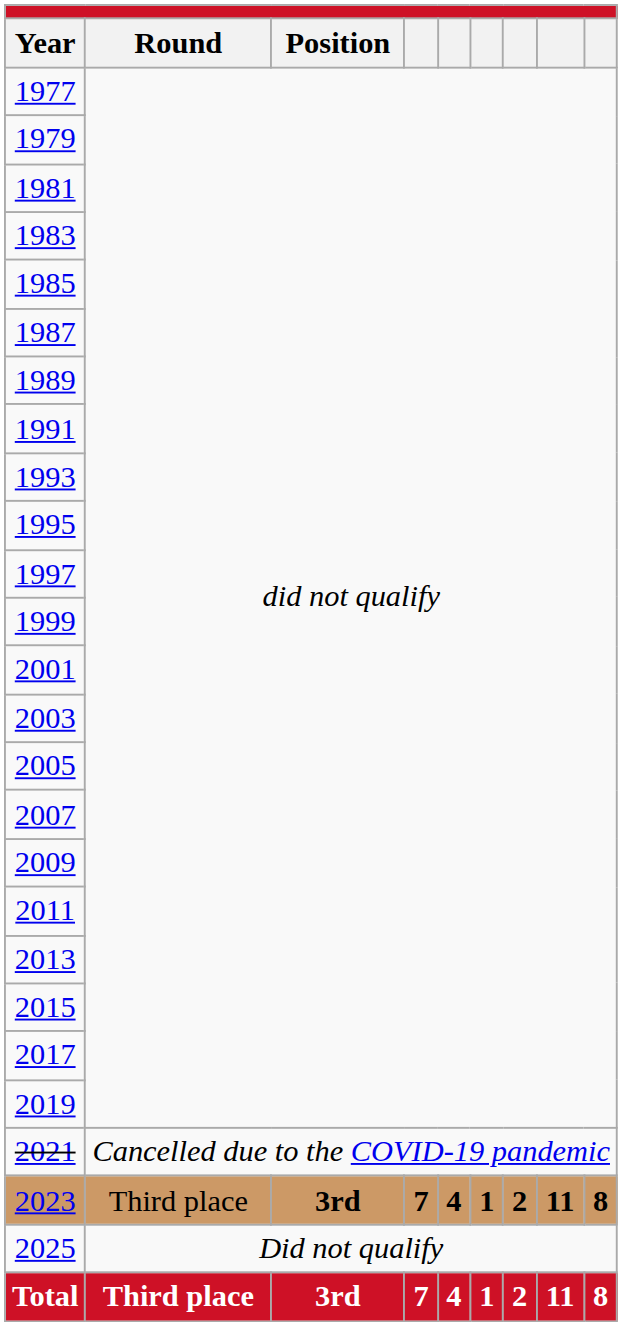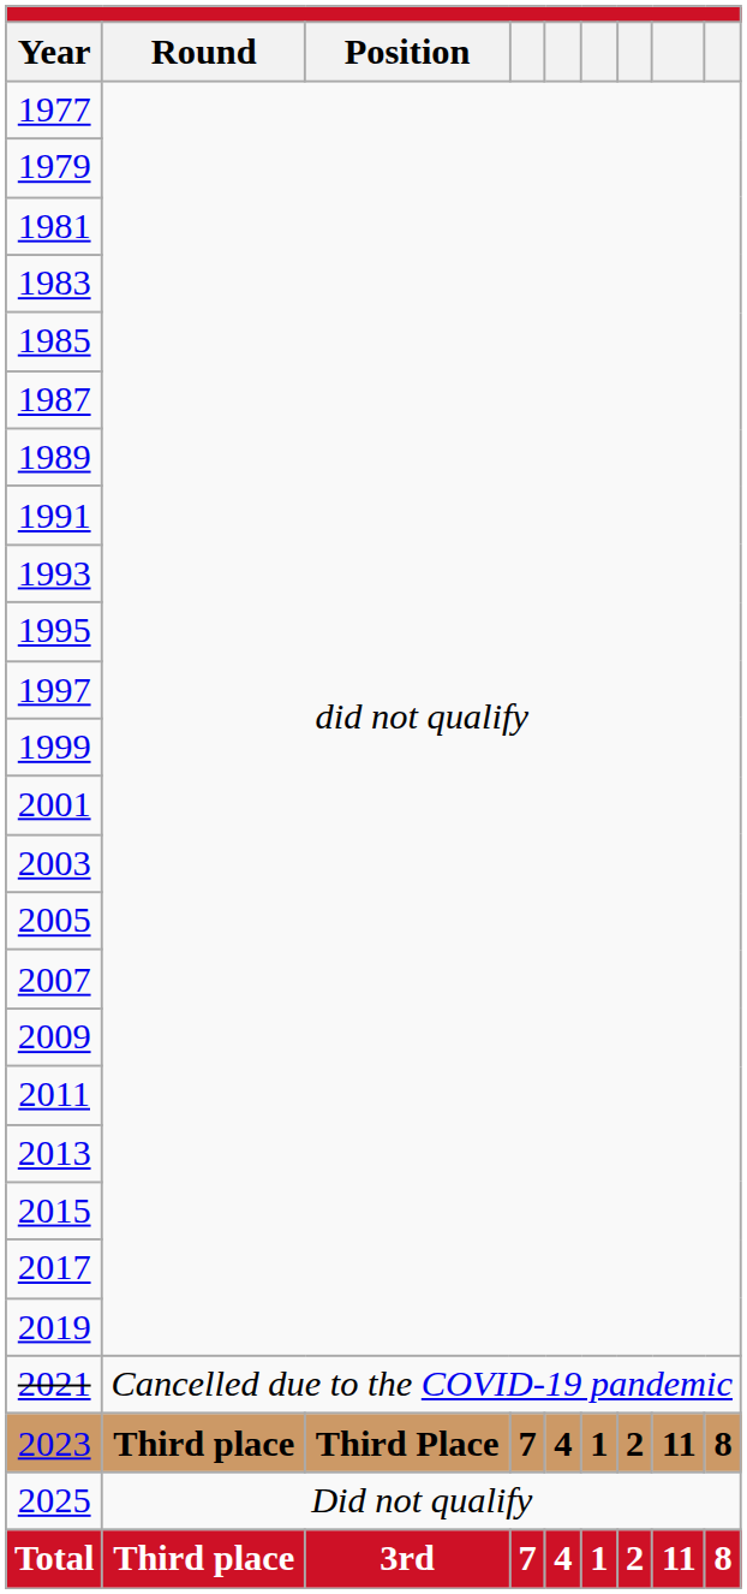 <table class="wikitable" style="text-align: center;">
 <tr>
 <th colspan=9 style="background: #CE1126; color: #FFFFFF;"><a href='#'></a></th>
 </tr>
 <tr>
 <th>Year</th>
 <th>Round</th>
 <th>Position</th>
 <th></th>
 <th></th>
 <th></th>
 <th></th>
 <th></th>
 <th></th>
 </tr>
 <tr>
 <td> <a href='#'>1977</a></td>
 <td colspan="8" rowspan="22"><em>did not qualify</em></td>
 </tr>
 <tr>
 <td> <a href='#'>1979</a></td>
 </tr>
 <tr>
 <td> <a href='#'>1981</a></td>
 </tr>
 <tr>
 <td> <a href='#'>1983</a></td>
 </tr>
 <tr>
 <td> <a href='#'>1985</a></td>
 </tr>
 <tr>
 <td> <a href='#'>1987</a></td>
 </tr>
 <tr>
 <td> <a href='#'>1989</a></td>
 </tr>
 <tr>
 <td> <a href='#'>1991</a></td>
 </tr>
 <tr>
 <td> <a href='#'>1993</a></td>
 </tr>
 <tr>
 <td> <a href='#'>1995</a></td>
 </tr>
 <tr>
 <td> <a href='#'>1997</a></td>
 </tr>
 <tr>
 <td> <a href='#'>1999</a></td>
 </tr>
 <tr>
 <td> <a href='#'>2001</a></td>
 </tr>
 <tr>
 <td> <a href='#'>2003</a></td>
 </tr>
 <tr>
 <td> <a href='#'>2005</a></td>
 </tr>
 <tr>
 <td> <a href='#'>2007</a></td>
 </tr>
 <tr>
 <td> <a href='#'>2009</a></td>
 </tr>
 <tr>
 <td> <a href='#'>2011</a></td>
 </tr>
 <tr>
 <td> <a href='#'>2013</a></td>
 </tr>
 <tr>
 <td> <a href='#'>2015</a></td>
 </tr>
 <tr>
 <td> <a href='#'>2017</a></td>
 </tr>
 <tr>
 <td> <a href='#'>2019</a></td>
 </tr>
 <tr>
 <td> <s><a href='#'>2021</a></s></td>
 <td colspan="8"><em>Cancelled due to the <a href='#'>COVID-19 pandemic</a></em></td>
 </tr>
 <tr style="background:#cc9966;">
 <td> <a href='#'>2023</a></td>
-<td>Third place</td>
-<td><strong>3rd</strong></td>
+<td><strong>Third place</strong></td>
+<td><strong>Third Place</strong></td>
 <td><strong>7</strong></td>
 <td><strong>4</strong></td>
 <td><strong>1</strong></td>
 <td><strong>2</strong></td>
 <td><strong>11</strong></td>
 <td><strong>8</strong></td>
 </tr>
 <tr>
 <td> <a href='#'>2025</a></td>
 <td colspan="8"><em>Did not qualify</em></td>
 </tr>
 <tr style="background: #CE1126; color: #FFFFFF;|">
 <td><strong>Total</strong></td>
 <td><strong>Third place</strong></td>
 <td><strong>3rd</strong></td>
 <td><strong>7</strong></td>
 <td><strong>4</strong></td>
 <td><strong>1</strong></td>
 <td><strong>2</strong></td>
 <td><strong>11</strong></td>
 <td><strong>8</strong></td>
 </tr>
 </table>
